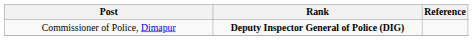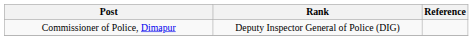 <table class="wikitable" style="text-align:center">
 <tr style="background:#cccccc">
 <th scope="col" style="width: 335px;">Post</th>
 <th scope="col" style="width: 335px;">Rank</th>
 <th scope="col" style="width: 30px;">Reference</th>
 </tr>
 <tr>
 <td>Commissioner of Police, <a href='#'>Dimapur</a></td>
-<td><strong>Deputy Inspector General of Police (DIG)</strong></td>
+<td>Deputy Inspector General of Police (DIG)</td>
 <td></td>
 </tr>
 <tr>
 </tr>
 </table>
